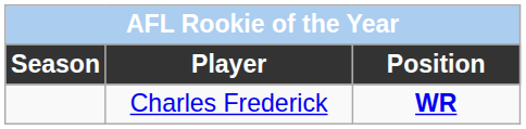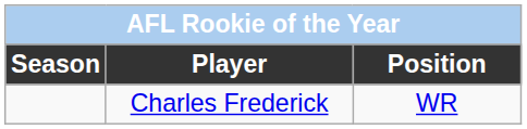 <table class="wikitable sortable" style="text-align:center">
 <tr>
 <td colspan="4" style="background:#ABCDEF; color:white;"><strong>AFL Rookie of the Year</strong></td>
 </tr>
 <tr>
 <th style="width:50px; background:#333; color:white;">Season</th>
 <th style="width:150px; background:#333; color:white;">Player</th>
 <th style="width:100px; background:#333; color:white;">Position</th>
 </tr>
 <tr>
 <td></td>
 <td><a href='#'>Charles Frederick</a></td>
-<td><strong><a href='#'>WR</a></strong></td>
+<td><a href='#'>WR</a></td>
 </tr>
 </table>
